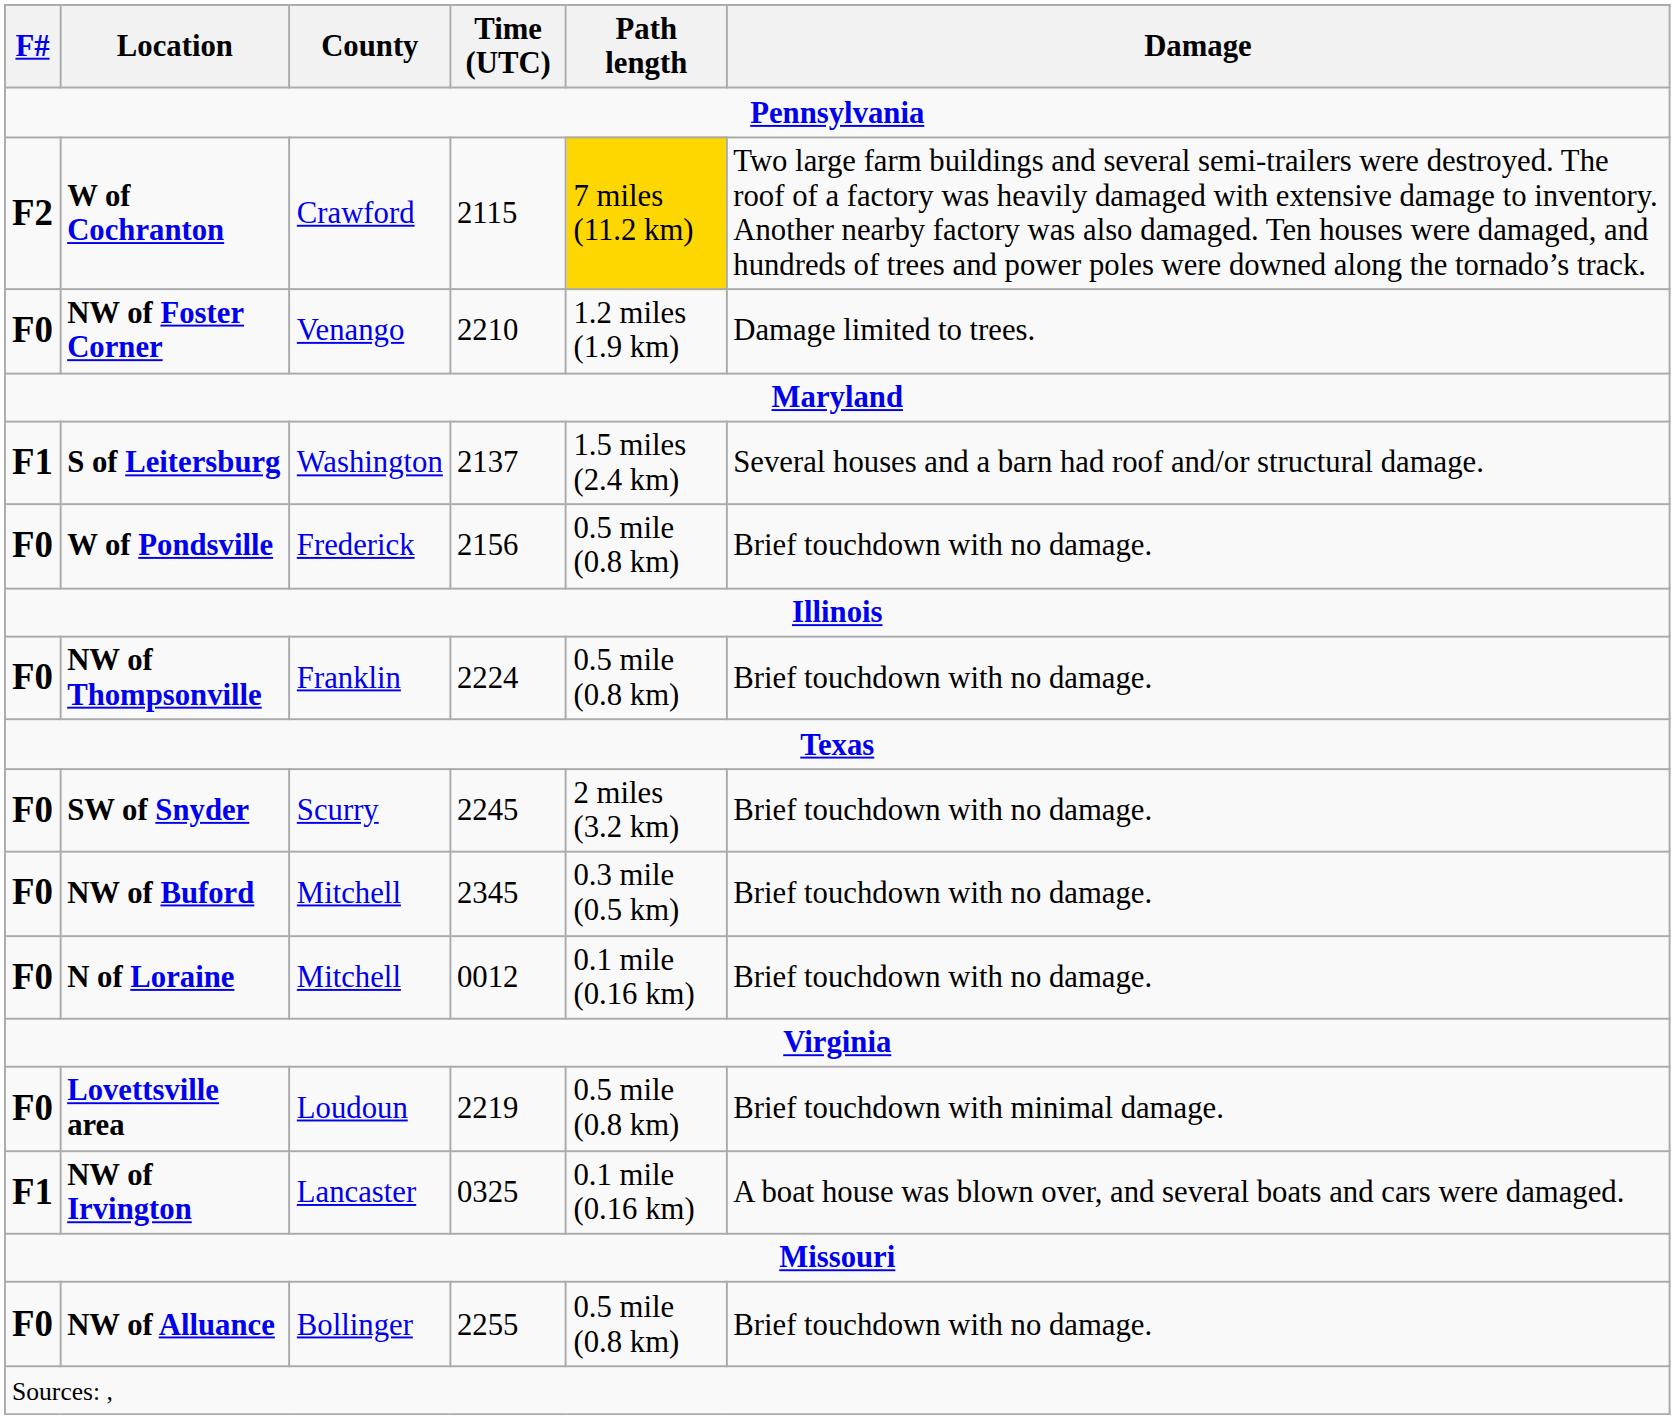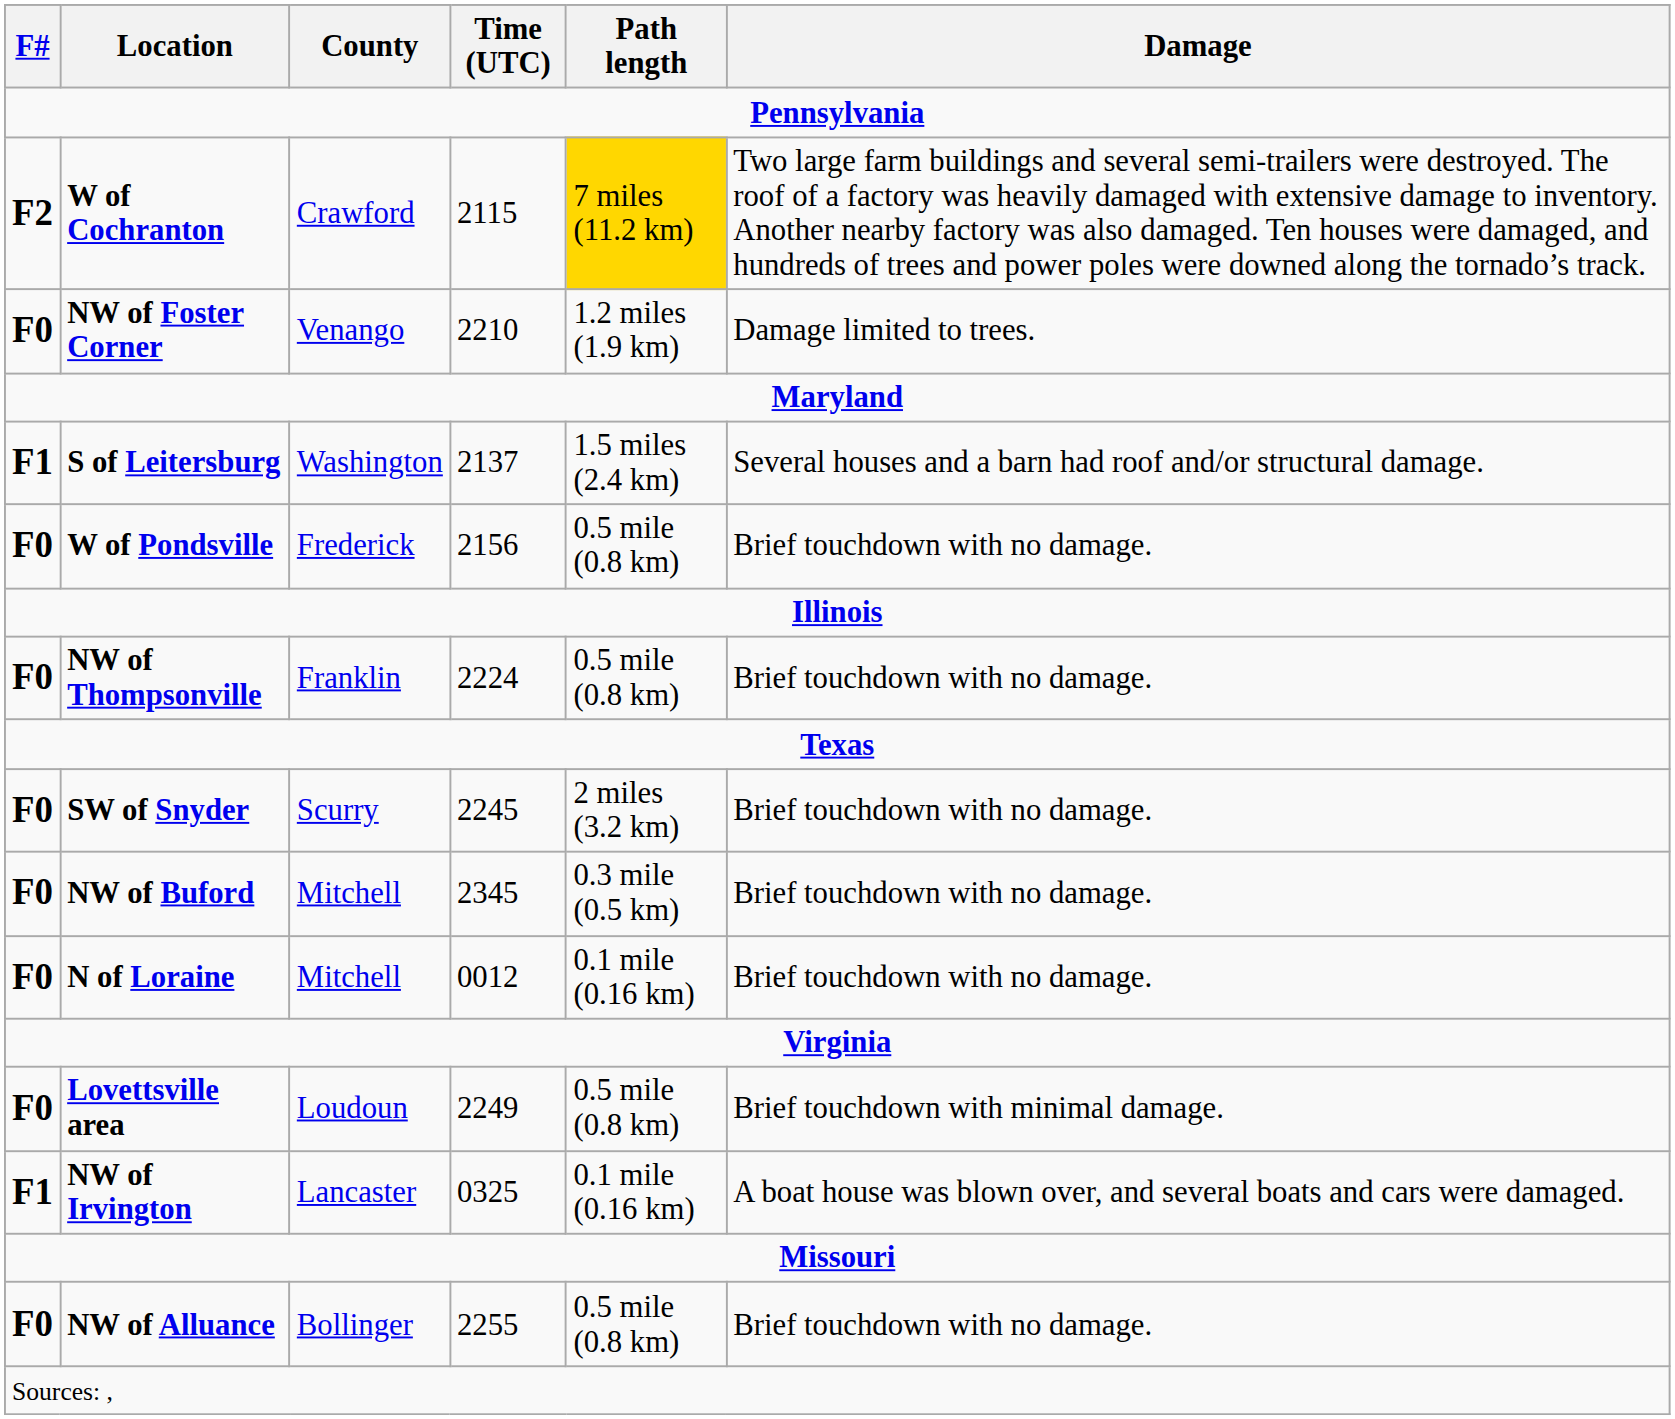 <table class="wikitable">
 <tr>
 <th><strong><a href='#'>F#</a></strong></th>
 <th><strong>Location</strong></th>
 <th><strong>County</strong></th>
 <th><strong>Time (UTC)</strong></th>
 <th><strong>Path length</strong></th>
 <th><strong>Damage</strong></th>
 </tr>
 <tr>
 <td colspan="7" align=center><strong><a href='#'>Pennsylvania</a></strong></td>
 </tr>
 <tr>
 <td><big><strong>F2</strong></big></td>
 <td><strong>W of <a href='#'>Cochranton</a></strong></td>
 <td><a href='#'>Crawford</a></td>
 <td>2115</td>
 <td style="background: gold;">7 miles (11.2 km)</td>
 <td>Two large farm buildings and several semi-trailers were destroyed. The roof of a factory was heavily damaged with extensive damage to inventory. Another nearby factory was also damaged. Ten houses were damaged, and hundreds of trees and power poles were downed along the tornado’s track.</td>
 </tr>
 <tr>
 <td><big><strong>F0</strong></big></td>
 <td><strong>NW of <a href='#'>Foster Corner</a></strong></td>
 <td><a href='#'>Venango</a></td>
 <td>2210</td>
 <td>1.2 miles (1.9 km)</td>
 <td>Damage limited to trees.</td>
 </tr>
 <tr>
 <td colspan="7" align=center><strong><a href='#'>Maryland</a></strong></td>
 </tr>
 <tr>
 <td><big><strong>F1</strong></big></td>
 <td><strong>S of <a href='#'>Leitersburg</a></strong></td>
 <td><a href='#'>Washington</a></td>
 <td>2137</td>
 <td>1.5 miles (2.4 km)</td>
 <td>Several houses and a barn had roof and/or structural damage.</td>
 </tr>
 <tr>
 <td><big><strong>F0</strong></big></td>
 <td><strong>W of <a href='#'>Pondsville</a></strong></td>
 <td><a href='#'>Frederick</a></td>
 <td>2156</td>
 <td>0.5 mile (0.8 km)</td>
 <td>Brief touchdown with no damage.</td>
 </tr>
 <tr>
 <td colspan="7" align=center><strong><a href='#'>Illinois</a></strong></td>
 </tr>
 <tr>
 <td><big><strong>F0</strong></big></td>
 <td><strong>NW of <a href='#'>Thompsonville</a></strong></td>
 <td><a href='#'>Franklin</a></td>
 <td>2224</td>
 <td>0.5 mile (0.8 km)</td>
 <td>Brief touchdown with no damage.</td>
 </tr>
 <tr>
 <td colspan="7" align=center><strong><a href='#'>Texas</a></strong></td>
 </tr>
 <tr>
 <td><big><strong>F0</strong></big></td>
 <td><strong>SW of <a href='#'>Snyder</a></strong></td>
 <td><a href='#'>Scurry</a></td>
 <td>2245</td>
 <td>2 miles (3.2 km)</td>
 <td>Brief touchdown with no damage.</td>
 </tr>
 <tr>
 <td><big><strong>F0</strong></big></td>
 <td><strong>NW of <a href='#'>Buford</a></strong></td>
 <td><a href='#'>Mitchell</a></td>
 <td>2345</td>
 <td>0.3 mile (0.5 km)</td>
 <td>Brief touchdown with no damage.</td>
 </tr>
 <tr>
 <td><big><strong>F0</strong></big></td>
 <td><strong>N of <a href='#'>Loraine</a></strong></td>
 <td><a href='#'>Mitchell</a></td>
 <td>0012</td>
 <td>0.1 mile (0.16 km)</td>
 <td>Brief touchdown with no damage.</td>
 </tr>
 <tr>
 <td colspan="7" align=center><strong><a href='#'>Virginia</a></strong></td>
 </tr>
 <tr>
 <td><big><strong>F0</strong></big></td>
 <td><strong><a href='#'>Lovettsville</a> area</strong></td>
 <td><a href='#'>Loudoun</a></td>
-<td>2219</td>
+<td>2249</td>
 <td>0.5 mile (0.8 km)</td>
 <td>Brief touchdown with minimal damage.</td>
 </tr>
 <tr>
 <td><big><strong>F1</strong></big></td>
 <td><strong>NW of <a href='#'>Irvington</a></strong></td>
 <td><a href='#'>Lancaster</a></td>
 <td>0325</td>
 <td>0.1 mile (0.16 km)</td>
 <td>A boat house was blown over, and several boats and cars were damaged.</td>
 </tr>
 <tr>
 <td colspan="7" align=center><strong><a href='#'>Missouri</a></strong></td>
 </tr>
 <tr>
 <td><big><strong>F0</strong></big></td>
 <td><strong>NW of <a href='#'>Alluance</a></strong></td>
 <td><a href='#'>Bollinger</a></td>
 <td>2255</td>
 <td>0.5 mile (0.8 km)</td>
 <td>Brief touchdown with no damage.</td>
 </tr>
 <tr>
 <td colspan="7"><small>Sources: , </small></td>
 </tr>
 </table>
